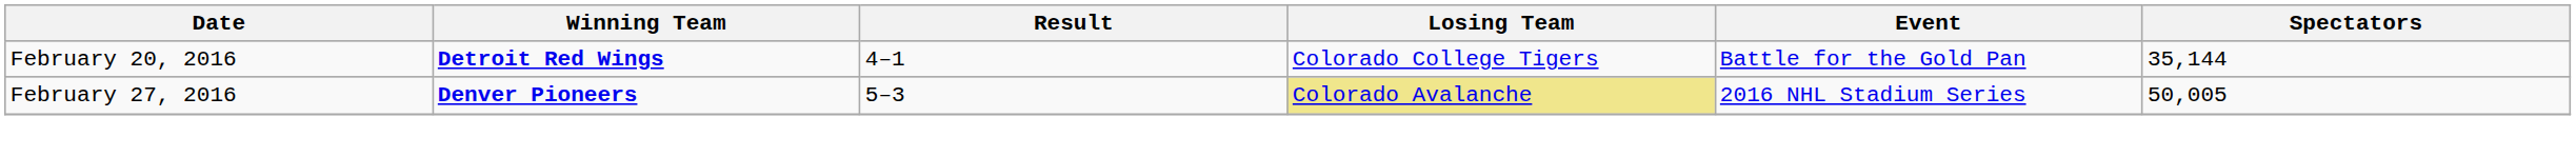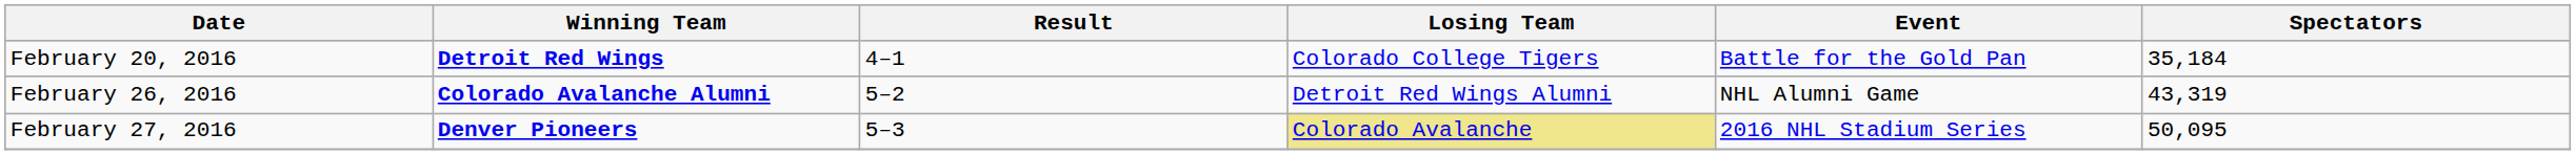 <table class="wikitable" style="text-align:left; width:95%;" style="text-align:center">
 <tr>
 <th width=12% style="text-align:center;">Date</th>
 <th width=12% style="text-align:center;">Winning Team</th>
 <th width=12% style="text-align:center;">Result</th>
 <th width=12% style="text-align:center;">Losing Team</th>
 <th width=12% style="text-align:center;">Event</th>
 <th width=12% style="text-align:center;">Spectators</th>
 </tr>
 <tr>
 <td>February 20, 2016</td>
 <td><strong><a href='#'>Detroit Red Wings</a></strong></td>
 <td>4–1</td>
 <td><a href='#'>Colorado College Tigers</a></td>
 <td><a href='#'>Battle for the Gold Pan</a></td>
-<td>35,144</td>
+<td>35,184</td>
+</tr>
+<tr>
+<td>February 26, 2016</td>
+<td><strong><a href='#'>Colorado Avalanche Alumni</a></strong></td>
+<td>5–2</td>
+<td><a href='#'>Detroit Red Wings Alumni</a></td>
+<td>NHL Alumni Game</td>
+<td>43,319</td>
 </tr>
 <tr>
 <td>February 27, 2016</td>
 <td><strong><a href='#'>Denver Pioneers</a></strong></td>
 <td>5–3</td>
 <td style="background: khaki;"><a href='#'>Colorado Avalanche</a></td>
 <td><a href='#'>2016 NHL Stadium Series</a></td>
-<td>50,005</td>
+<td>50,095</td>
 </tr>
 <tr>
 </tr>
 </table>
